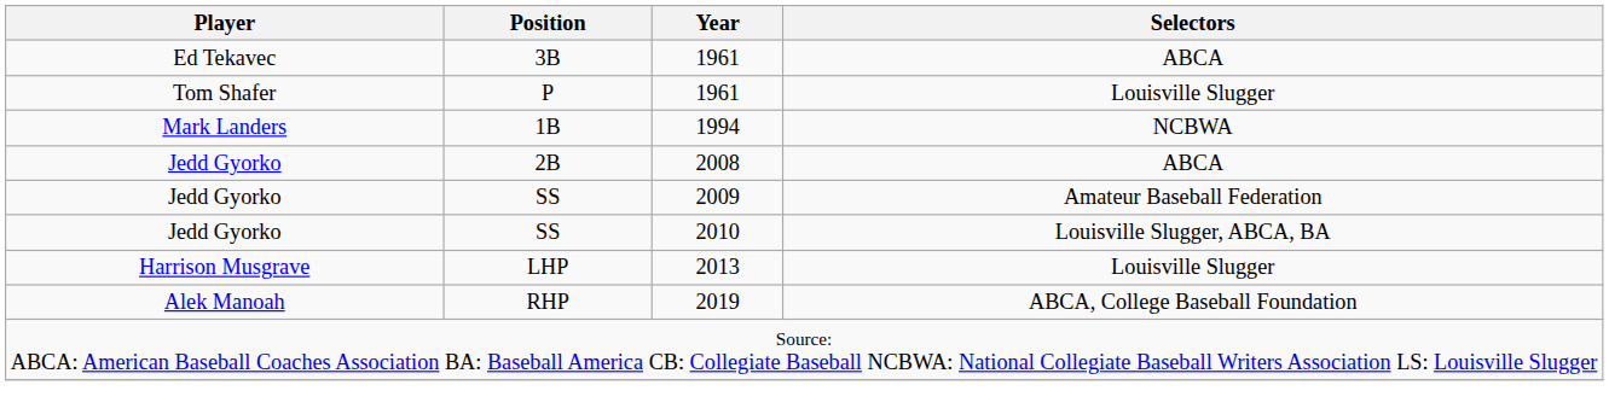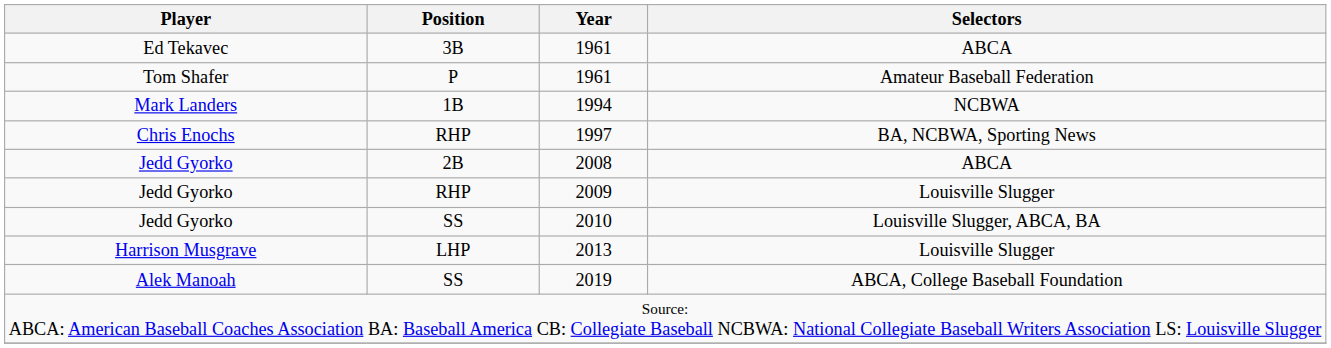 <table class="wikitable">
 <tr>
 <th>Player</th>
 <th>Position</th>
 <th>Year</th>
 <th>Selectors</th>
 </tr>
 <tr style="text-align:center;">
 <td>Ed Tekavec</td>
 <td>3B</td>
 <td>1961</td>
 <td>ABCA</td>
 </tr>
 <tr style="text-align:center;">
 <td>Tom Shafer</td>
 <td>P</td>
 <td>1961</td>
-<td>Louisville Slugger</td>
+<td>Amateur Baseball Federation</td>
 </tr>
 <tr style="text-align:center;">
 <td><a href='#'>Mark Landers</a></td>
 <td>1B</td>
 <td>1994</td>
 <td>NCBWA</td>
+</tr>
+<tr style="text-align:center;">
+<td><a href='#'>Chris Enochs</a></td>
+<td>RHP</td>
+<td>1997</td>
+<td>BA, NCBWA, Sporting News</td>
 </tr>
 <tr style="text-align:center;">
 <td><a href='#'>Jedd Gyorko</a></td>
 <td>2B</td>
 <td>2008</td>
 <td>ABCA</td>
 </tr>
 <tr style="text-align:center;">
 <td>Jedd Gyorko</td>
-<td>SS</td>
+<td>RHP</td>
 <td>2009</td>
-<td>Amateur Baseball Federation</td>
+<td>Louisville Slugger</td>
 </tr>
 <tr style="text-align:center;">
 <td>Jedd Gyorko</td>
 <td>SS</td>
 <td>2010</td>
 <td>Louisville Slugger, ABCA, BA</td>
 </tr>
 <tr style="text-align:center;">
 <td><a href='#'>Harrison Musgrave</a></td>
 <td>LHP</td>
 <td>2013</td>
 <td>Louisville Slugger</td>
 </tr>
 <tr style="text-align:center;">
 <td><a href='#'>Alek Manoah</a></td>
-<td>RHP</td>
+<td>SS</td>
 <td>2019</td>
 <td>ABCA, College Baseball Foundation</td>
 </tr>
 <tr style="text-align:center;">
 <td colspan=4><small>Source:</small><br>ABCA: <a href='#'>American Baseball Coaches Association</a> BA: <a href='#'>Baseball America</a> CB: <a href='#'>Collegiate Baseball</a> NCBWA: <a href='#'>National Collegiate Baseball Writers Association</a> LS: <a href='#'>Louisville Slugger</a></td>
 </tr>
 <tr>
 </tr>
 </table>
